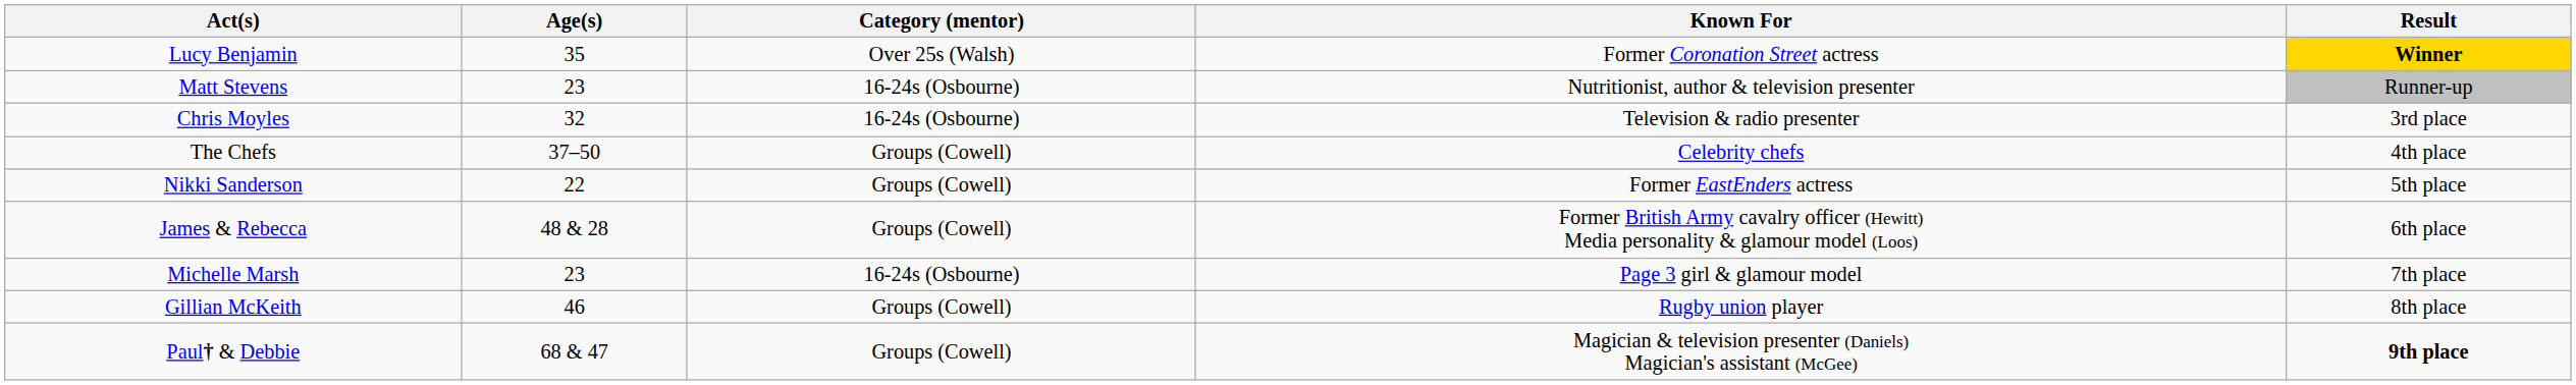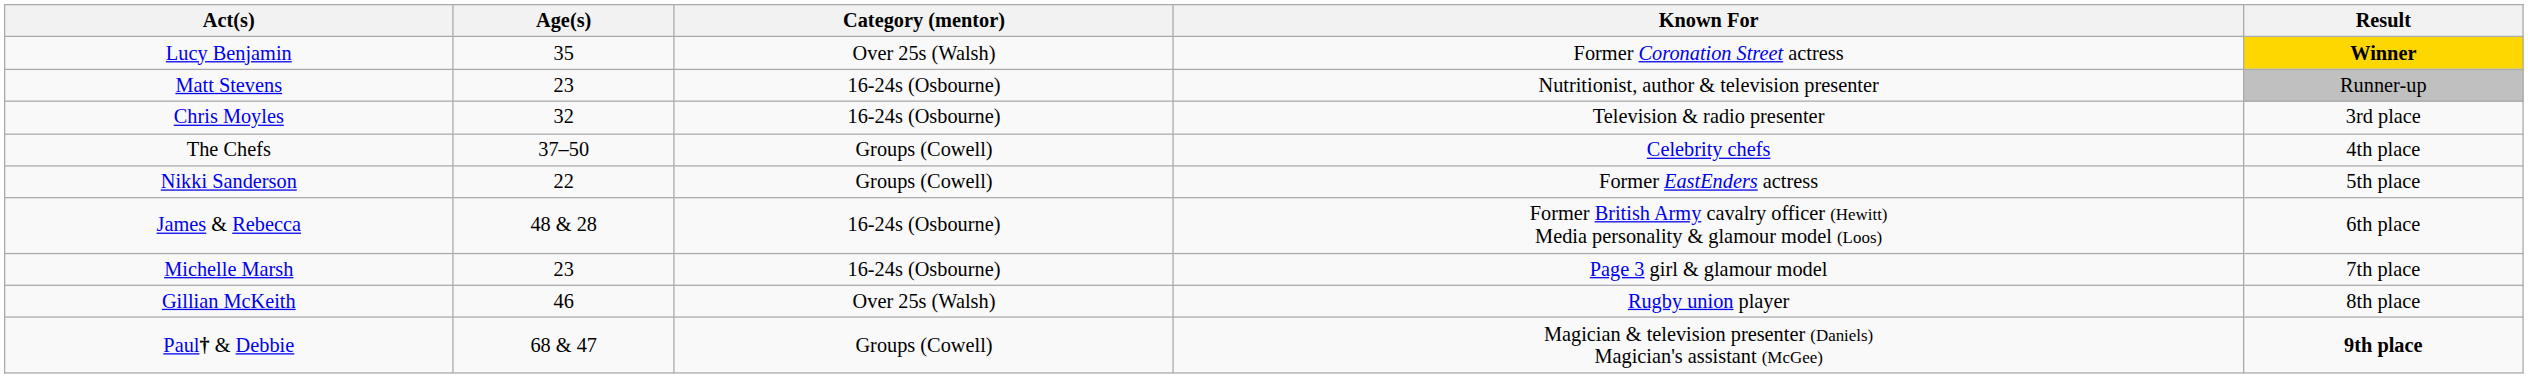 <table class="wikitable sortable" style="width:100%; text-align:center;">
 <tr>
 <th>Act(s)</th>
 <th>Age(s)</th>
 <th>Category (mentor)</th>
 <th>Known For</th>
 <th>Result</th>
 </tr>
 <tr>
 <td><a href='#'>Lucy Benjamin</a></td>
 <td>35</td>
 <td>Over 25s (Walsh)</td>
 <td>Former <em><a href='#'>Coronation Street</a></em> actress</td>
 <td style="background:gold"><strong>Winner</strong></td>
 </tr>
 <tr>
 <td><a href='#'>Matt Stevens</a></td>
 <td>23</td>
 <td>16-24s (Osbourne)</td>
 <td>Nutritionist, author & television presenter</td>
 <td style="background:silver">Runner-up</td>
 </tr>
 <tr>
 <td><a href='#'>Chris Moyles</a></td>
 <td>32</td>
 <td>16-24s (Osbourne)</td>
 <td>Television & radio presenter</td>
 <td>3rd place</td>
 </tr>
 <tr>
 <td>The Chefs</td>
 <td>37–50</td>
 <td>Groups (Cowell)</td>
 <td><a href='#'>Celebrity chefs</a></td>
 <td>4th place</td>
 </tr>
 <tr>
 <td><a href='#'>Nikki Sanderson</a></td>
 <td>22</td>
 <td>Groups (Cowell)</td>
 <td>Former <em><a href='#'>EastEnders</a></em> actress</td>
 <td>5th place</td>
 </tr>
 <tr>
 <td><a href='#'>James</a> & <a href='#'>Rebecca</a></td>
 <td>48 & 28</td>
-<td>Groups (Cowell)</td>
+<td>16-24s (Osbourne)</td>
 <td>Former <a href='#'>British Army</a> cavalry officer <small>(Hewitt)</small><br>Media personality & glamour model <small>(Loos)</small></td>
 <td>6th place</td>
 </tr>
 <tr>
 <td><a href='#'>Michelle Marsh</a></td>
 <td>23</td>
 <td>16-24s (Osbourne)</td>
 <td><a href='#'>Page 3</a> girl & glamour model</td>
 <td>7th place</td>
 </tr>
 <tr>
 <td><a href='#'>Gillian McKeith</a></td>
 <td>46</td>
-<td>Groups (Cowell)</td>
+<td>Over 25s (Walsh)</td>
 <td><a href='#'>Rugby union</a> player</td>
 <td>8th place</td>
 </tr>
 <tr>
 <td><a href='#'>Paul</a><strong>†</strong> & <a href='#'>Debbie</a></td>
 <td>68 & 47</td>
 <td>Groups (Cowell)</td>
 <td>Magician & television presenter <small>(Daniels)</small><br>Magician's assistant <small>(McGee)</small></td>
 <td><strong>9th place</strong></td>
 </tr>
 </table>
